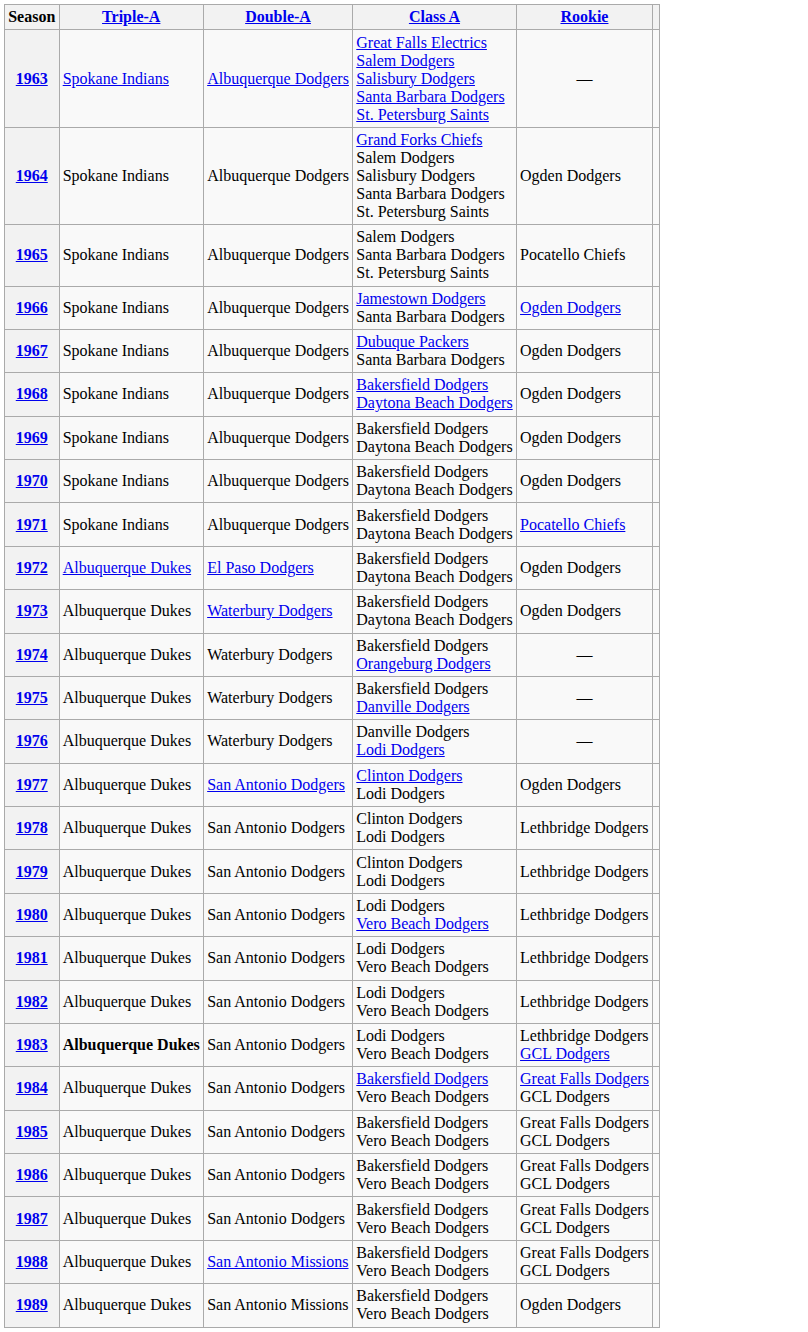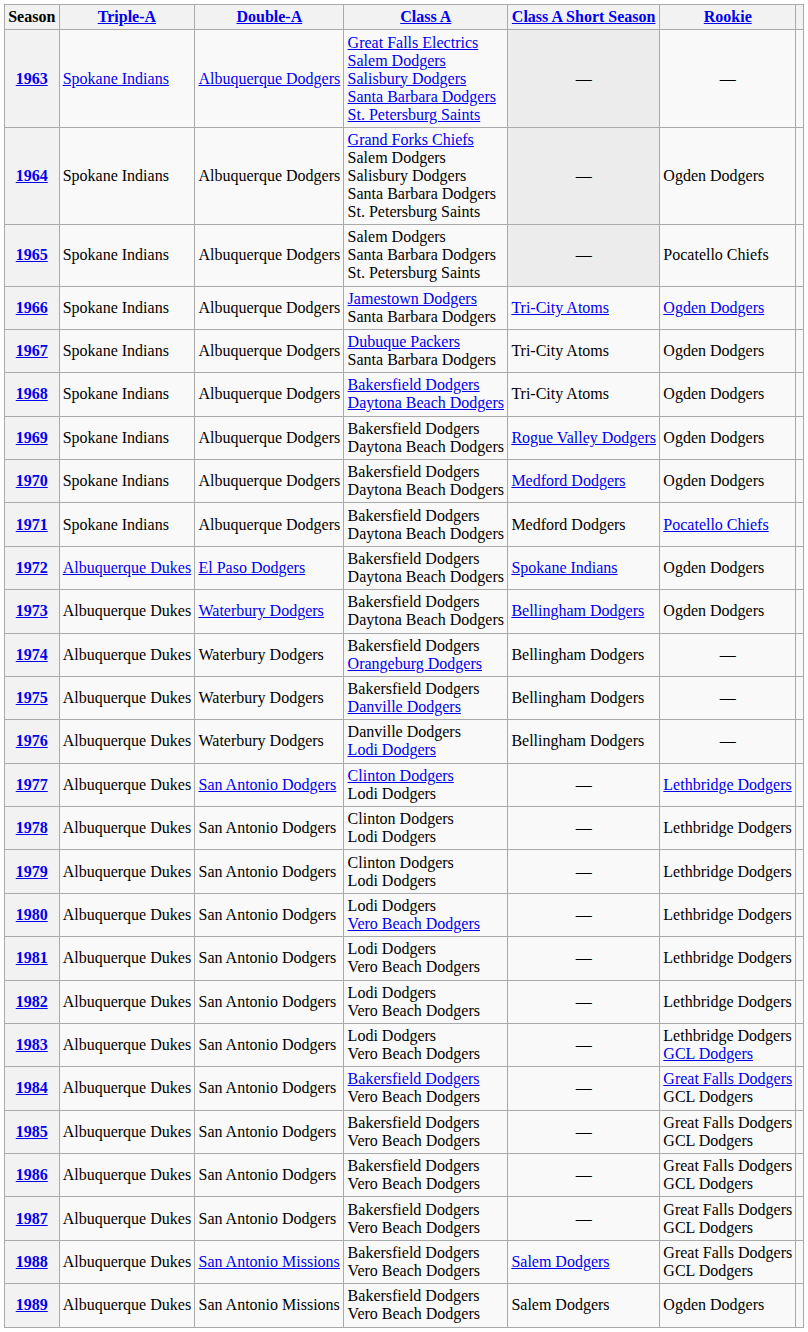 <table class="wikitable plainrowheaders">
 <tr>
 <th scope="col">Season</th>
 <th scope="col"><a href='#'><span>Triple-A</span></a></th>
 <th scope="col"><a href='#'><span>Double-A</span></a></th>
 <th scope="col"><a href='#'><span>Class A</span></a></th>
+<th scope="col"><a href='#'><span>Class A Short Season</span></a></th>
 <th scope="col"><a href='#'><span>Rookie</span></a></th>
 <th scope="col"></th>
 </tr>
 <tr>
 <th scope="row" style="text-align:center"><a href='#'>1963</a></th>
 <td><a href='#'>Spokane Indians</a></td>
 <td><a href='#'>Albuquerque Dodgers</a></td>
 <td><a href='#'>Great Falls Electrics</a><br><a href='#'>Salem Dodgers</a><br><a href='#'>Salisbury Dodgers</a><br><a href='#'>Santa Barbara Dodgers</a><br><a href='#'>St. Petersburg Saints</a></td>
+<td style="background:#ececec" align="center">—</td>
 <td align="center">—</td>
 <td align="center"></td>
 </tr>
 <tr>
 <th scope="row" style="text-align:center"><a href='#'>1964</a></th>
 <td>Spokane Indians</td>
 <td>Albuquerque Dodgers</td>
 <td><a href='#'>Grand Forks Chiefs</a><br>Salem Dodgers<br>Salisbury Dodgers<br>Santa Barbara Dodgers<br>St. Petersburg Saints</td>
+<td style="background:#ececec" align="center">—</td>
 <td>Ogden Dodgers</td>
 <td align="center"></td>
 </tr>
 <tr>
 <th scope="row" style="text-align:center"><a href='#'>1965</a></th>
 <td>Spokane Indians</td>
 <td>Albuquerque Dodgers</td>
 <td>Salem Dodgers<br>Santa Barbara Dodgers<br>St. Petersburg Saints</td>
+<td style="background:#ececec" align="center">—</td>
 <td>Pocatello Chiefs</td>
 <td align="center"></td>
 </tr>
 <tr>
 <th scope="row" style="text-align:center"><a href='#'>1966</a></th>
 <td>Spokane Indians</td>
 <td>Albuquerque Dodgers</td>
 <td><a href='#'>Jamestown Dodgers</a><br>Santa Barbara Dodgers</td>
+<td><a href='#'>Tri-City Atoms</a></td>
 <td><a href='#'>Ogden Dodgers</a></td>
 <td align="center"></td>
 </tr>
 <tr>
 <th scope="row" style="text-align:center"><a href='#'>1967</a></th>
 <td>Spokane Indians</td>
 <td>Albuquerque Dodgers</td>
 <td><a href='#'>Dubuque Packers</a><br>Santa Barbara Dodgers</td>
+<td>Tri-City Atoms</td>
 <td>Ogden Dodgers</td>
 <td align="center"></td>
 </tr>
 <tr>
 <th scope="row" style="text-align:center"><a href='#'>1968</a></th>
 <td>Spokane Indians</td>
 <td>Albuquerque Dodgers</td>
 <td><a href='#'>Bakersfield Dodgers</a><br><a href='#'>Daytona Beach Dodgers</a></td>
+<td>Tri-City Atoms</td>
 <td>Ogden Dodgers</td>
 <td align="center"></td>
 </tr>
 <tr>
 <th scope="row" style="text-align:center"><a href='#'>1969</a></th>
 <td>Spokane Indians</td>
 <td>Albuquerque Dodgers</td>
 <td>Bakersfield Dodgers<br>Daytona Beach Dodgers</td>
+<td><a href='#'>Rogue Valley Dodgers</a></td>
 <td>Ogden Dodgers</td>
 <td align="center"></td>
 </tr>
 <tr>
 <th scope="row" style="text-align:center"><a href='#'>1970</a></th>
 <td>Spokane Indians</td>
 <td>Albuquerque Dodgers</td>
 <td>Bakersfield Dodgers<br>Daytona Beach Dodgers</td>
+<td><a href='#'>Medford Dodgers</a></td>
 <td>Ogden Dodgers</td>
 <td align="center"></td>
 </tr>
 <tr>
 <th scope="row" style="text-align:center"><a href='#'>1971</a></th>
 <td>Spokane Indians</td>
 <td>Albuquerque Dodgers</td>
 <td>Bakersfield Dodgers<br>Daytona Beach Dodgers</td>
+<td>Medford Dodgers</td>
 <td><a href='#'>Pocatello Chiefs</a></td>
 <td align="center"></td>
 </tr>
 <tr>
 <th scope="row" style="text-align:center"><a href='#'>1972</a></th>
 <td><a href='#'>Albuquerque Dukes</a></td>
 <td><a href='#'>El Paso Dodgers</a></td>
 <td>Bakersfield Dodgers<br>Daytona Beach Dodgers</td>
+<td><a href='#'>Spokane Indians</a></td>
 <td>Ogden Dodgers</td>
 <td align="center"></td>
 </tr>
 <tr>
 <th scope="row" style="text-align:center"><a href='#'>1973</a></th>
 <td>Albuquerque Dukes</td>
 <td><a href='#'>Waterbury Dodgers</a></td>
 <td>Bakersfield Dodgers<br>Daytona Beach Dodgers</td>
+<td><a href='#'>Bellingham Dodgers</a></td>
 <td>Ogden Dodgers</td>
 <td align="center"></td>
 </tr>
 <tr>
 <th scope="row" style="text-align:center"><a href='#'>1974</a></th>
 <td>Albuquerque Dukes</td>
 <td>Waterbury Dodgers</td>
 <td>Bakersfield Dodgers<br><a href='#'>Orangeburg Dodgers</a></td>
+<td>Bellingham Dodgers</td>
 <td align="center">—</td>
 <td align="center"></td>
 </tr>
 <tr>
 <th scope="row" style="text-align:center"><a href='#'>1975</a></th>
 <td>Albuquerque Dukes</td>
 <td>Waterbury Dodgers</td>
 <td>Bakersfield Dodgers<br><a href='#'>Danville Dodgers</a></td>
+<td>Bellingham Dodgers</td>
 <td align="center">—</td>
 <td align="center"></td>
 </tr>
 <tr>
 <th scope="row" style="text-align:center"><a href='#'>1976</a></th>
 <td>Albuquerque Dukes</td>
 <td>Waterbury Dodgers</td>
 <td>Danville Dodgers<br><a href='#'>Lodi Dodgers</a></td>
+<td>Bellingham Dodgers</td>
 <td align="center">—</td>
 <td align="center"></td>
 </tr>
 <tr>
 <th scope="row" style="text-align:center"><a href='#'>1977</a></th>
 <td>Albuquerque Dukes</td>
 <td><a href='#'>San Antonio Dodgers</a></td>
 <td><a href='#'>Clinton Dodgers</a><br>Lodi Dodgers</td>
-<td>Ogden Dodgers</td>
+<td align="center">—</td>
+<td><a href='#'>Lethbridge Dodgers</a></td>
 <td align="center"></td>
 </tr>
 <tr>
 <th scope="row" style="text-align:center"><a href='#'>1978</a></th>
 <td>Albuquerque Dukes</td>
 <td>San Antonio Dodgers</td>
 <td>Clinton Dodgers<br>Lodi Dodgers</td>
+<td align="center">—</td>
 <td>Lethbridge Dodgers</td>
 <td align="center"></td>
 </tr>
 <tr>
 <th scope="row" style="text-align:center"><a href='#'>1979</a></th>
 <td>Albuquerque Dukes</td>
 <td>San Antonio Dodgers</td>
 <td>Clinton Dodgers<br>Lodi Dodgers</td>
+<td align="center">—</td>
 <td>Lethbridge Dodgers</td>
 <td align="center"></td>
 </tr>
 <tr>
 <th scope="row" style="text-align:center"><a href='#'>1980</a></th>
 <td>Albuquerque Dukes</td>
 <td>San Antonio Dodgers</td>
 <td>Lodi Dodgers<br><a href='#'>Vero Beach Dodgers</a></td>
+<td align="center">—</td>
 <td>Lethbridge Dodgers</td>
 <td align="center"></td>
 </tr>
 <tr>
 <th scope="row" style="text-align:center"><a href='#'>1981</a></th>
 <td>Albuquerque Dukes</td>
 <td>San Antonio Dodgers</td>
 <td>Lodi Dodgers<br>Vero Beach Dodgers</td>
+<td align="center">—</td>
 <td>Lethbridge Dodgers</td>
 <td align="center"></td>
 </tr>
 <tr>
 <th scope="row" style="text-align:center"><a href='#'>1982</a></th>
 <td>Albuquerque Dukes</td>
 <td>San Antonio Dodgers</td>
 <td>Lodi Dodgers<br>Vero Beach Dodgers</td>
+<td align="center">—</td>
 <td>Lethbridge Dodgers</td>
 <td align="center"></td>
 </tr>
 <tr>
 <th scope="row" style="text-align:center"><a href='#'>1983</a></th>
-<td><strong>Albuquerque Dukes</strong></td>
+<td>Albuquerque Dukes</td>
 <td>San Antonio Dodgers</td>
 <td>Lodi Dodgers<br>Vero Beach Dodgers</td>
+<td align="center">—</td>
 <td>Lethbridge Dodgers<br><a href='#'>GCL Dodgers</a></td>
 <td align="center"></td>
 </tr>
 <tr>
 <th scope="row" style="text-align:center"><a href='#'>1984</a></th>
 <td>Albuquerque Dukes</td>
 <td>San Antonio Dodgers</td>
 <td><a href='#'>Bakersfield Dodgers</a><br>Vero Beach Dodgers</td>
+<td align="center">—</td>
 <td><a href='#'>Great Falls Dodgers</a><br>GCL Dodgers</td>
 <td align="center"></td>
 </tr>
 <tr>
 <th scope="row" style="text-align:center"><a href='#'>1985</a></th>
 <td>Albuquerque Dukes</td>
 <td>San Antonio Dodgers</td>
 <td>Bakersfield Dodgers<br>Vero Beach Dodgers</td>
+<td align="center">—</td>
 <td>Great Falls Dodgers<br>GCL Dodgers</td>
 <td align="center"></td>
 </tr>
 <tr>
 <th scope="row" style="text-align:center"><a href='#'>1986</a></th>
 <td>Albuquerque Dukes</td>
 <td>San Antonio Dodgers</td>
 <td>Bakersfield Dodgers<br>Vero Beach Dodgers</td>
+<td align="center">—</td>
 <td>Great Falls Dodgers<br>GCL Dodgers</td>
 <td align="center"></td>
 </tr>
 <tr>
 <th scope="row" style="text-align:center"><a href='#'>1987</a></th>
 <td>Albuquerque Dukes</td>
 <td>San Antonio Dodgers</td>
 <td>Bakersfield Dodgers<br>Vero Beach Dodgers</td>
+<td align="center">—</td>
 <td>Great Falls Dodgers<br>GCL Dodgers</td>
 <td align="center"></td>
 </tr>
 <tr>
 <th scope="row" style="text-align:center"><a href='#'>1988</a></th>
 <td>Albuquerque Dukes</td>
 <td><a href='#'>San Antonio Missions</a></td>
 <td>Bakersfield Dodgers<br>Vero Beach Dodgers</td>
+<td><a href='#'>Salem Dodgers</a></td>
 <td>Great Falls Dodgers<br>GCL Dodgers</td>
 <td align="center"></td>
 </tr>
 <tr>
 <th scope="row" style="text-align:center"><a href='#'>1989</a></th>
 <td>Albuquerque Dukes</td>
 <td>San Antonio Missions</td>
 <td>Bakersfield Dodgers<br>Vero Beach Dodgers</td>
+<td>Salem Dodgers</td>
 <td>Ogden Dodgers</td>
 <td align="center"></td>
 </tr>
 </table>
